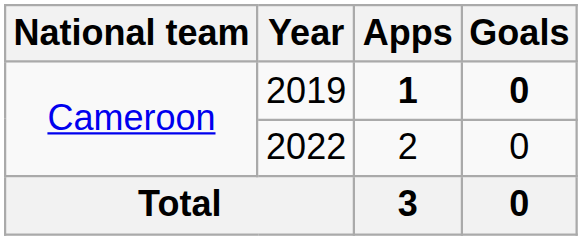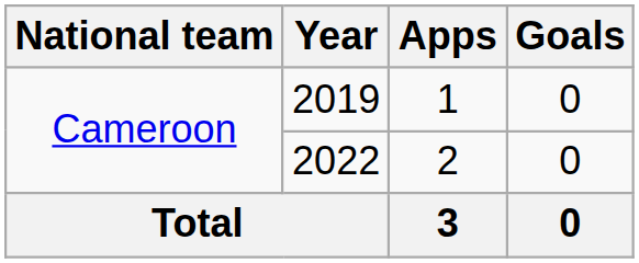 <table class="wikitable" style="text-align:center">
 <tr>
 <th>National team</th>
 <th>Year</th>
 <th>Apps</th>
 <th>Goals</th>
 </tr>
 <tr>
 <td rowspan="2"><a href='#'>Cameroon</a></td>
 <td>2019</td>
-<td><strong>1</strong></td>
-<td><strong>0</strong></td>
+<td>1</td>
+<td>0</td>
 </tr>
 <tr>
 <td>2022</td>
 <td>2</td>
 <td>0</td>
 </tr>
 <tr>
 <th colspan="2">Total</th>
 <th>3</th>
 <th>0</th>
 </tr>
 </table>
